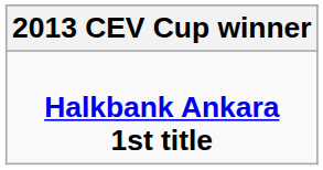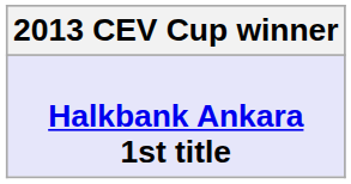 <table class=wikitable style="text-align:center; margin:auto">
 <tr>
 <th>2013 CEV Cup winner</th>
 </tr>
 <tr>
-<td><br><strong><a href='#'>Halkbank Ankara</a></strong><br> <strong>1st title</strong></td>
+<td style="background: lavender;"><br><strong><a href='#'>Halkbank Ankara</a></strong><br> <strong>1st title</strong></td>
 </tr>
 </table>
